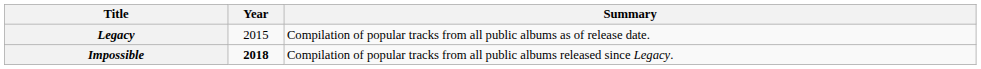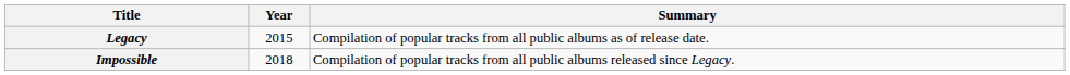 <table class="wikitable plainrowheaders" style="text-align:center;">
 <tr>
 <th scope="col" style="width:17.2em;">Title</th>
 <th scope="col" style="width:4em;">Year</th>
 <th scope="col" style="width:54.3em;">Summary</th>
 </tr>
 <tr>
 <th scope="row"><em>Legacy</em></th>
 <td>2015</td>
 <td style="text-align:left;">Compilation of popular tracks from all public albums as of release date.</td>
 </tr>
 <tr>
 <th scope="row"><em>Impossible</em></th>
-<td><strong>2018</strong></td>
+<td>2018</td>
 <td style="text-align:left;">Compilation of popular tracks from all public albums released since <em>Legacy</em>.</td>
 </tr>
 </table>
